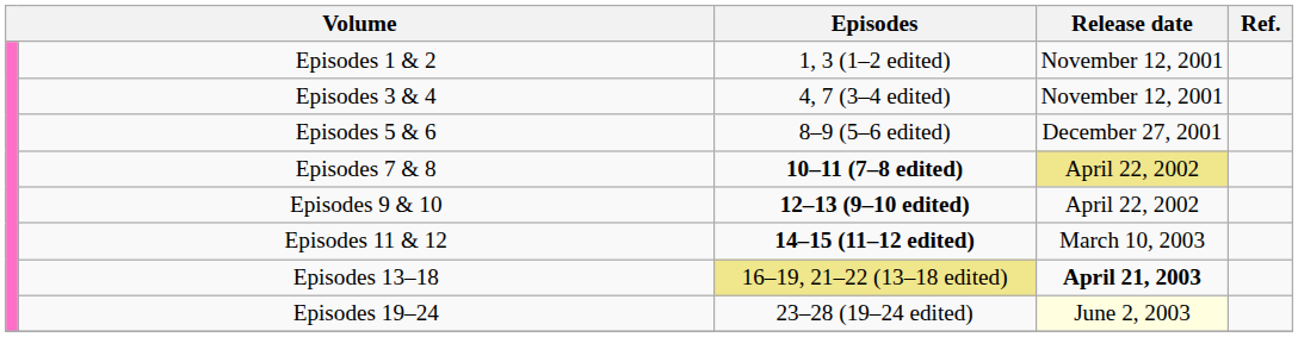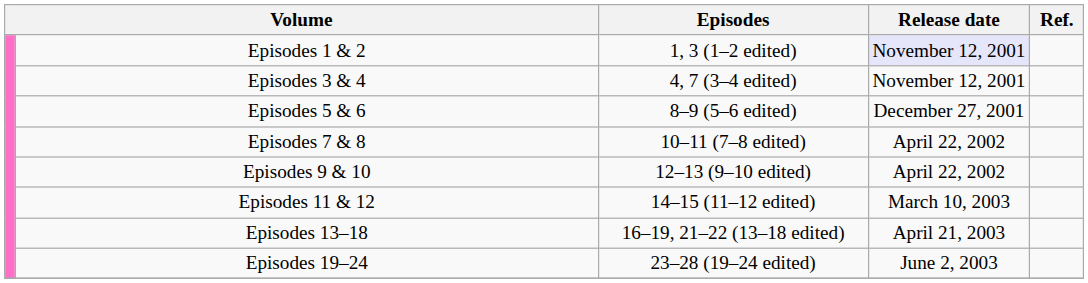 <table class="wikitable" style="text-align: center;">
 <tr>
 <th colspan="2">Volume</th>
 <th width="25%">Episodes</th>
 <th width="15%">Release date</th>
 <th width="5%">Ref.</th>
 </tr>
 <tr>
 <td rowspan="8" width="1%" style="background: #FF6EC7;"></td>
 <td>Episodes 1 & 2</td>
 <td>1, 3 (1–2 edited)</td>
-<td>November 12, 2001</td>
+<td style="background: lavender;">November 12, 2001</td>
 <td></td>
 </tr>
 <tr>
 <td>Episodes 3 & 4</td>
 <td>4, 7 (3–4 edited)</td>
 <td>November 12, 2001</td>
 <td></td>
 </tr>
 <tr>
 <td>Episodes 5 & 6</td>
 <td>8–9 (5–6 edited)</td>
 <td>December 27, 2001</td>
 <td></td>
 </tr>
 <tr>
 <td>Episodes 7 & 8</td>
-<td><strong>10–11 (7–8 edited)</strong></td>
-<td style="background: khaki;">April 22, 2002</td>
+<td>10–11 (7–8 edited)</td>
+<td>April 22, 2002</td>
 <td></td>
 </tr>
 <tr>
 <td>Episodes 9 & 10</td>
-<td><strong>12–13 (9–10 edited)</strong></td>
+<td>12–13 (9–10 edited)</td>
 <td>April 22, 2002</td>
 <td></td>
 </tr>
 <tr>
 <td>Episodes 11 & 12</td>
-<td><strong>14–15 (11–12 edited)</strong></td>
+<td>14–15 (11–12 edited)</td>
 <td>March 10, 2003</td>
 <td></td>
 </tr>
 <tr>
 <td>Episodes 13–18</td>
-<td style="background: khaki;">16–19, 21–22 (13–18 edited)</td>
-<td><strong>April 21, 2003</strong></td>
+<td>16–19, 21–22 (13–18 edited)</td>
+<td>April 21, 2003</td>
 <td></td>
 </tr>
 <tr>
 <td>Episodes 19–24</td>
 <td>23–28 (19–24 edited)</td>
-<td style="background: lightyellow;">June 2, 2003</td>
+<td>June 2, 2003</td>
 <td></td>
 </tr>
 <tr>
 </tr>
 </table>
